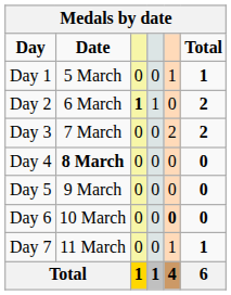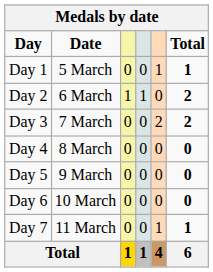 <table class=wikitable style="font-size:85%;float:right;clear:right;text-align:center;">
 <tr bgcolor=efefef>
 <th colspan=6>Medals by date</th>
 </tr>
 <tr>
 <td><strong>Day</strong></td>
 <td><strong>Date</strong></td>
 <td bgcolor=#f7f6a8></td>
 <td bgcolor=#dce5e5></td>
 <td bgcolor=#ffdab9></td>
 <td><strong>Total</strong></td>
 </tr>
 <tr>
 <td>Day 1</td>
 <td>5 March</td>
 <td bgcolor=F7F6A8>0</td>
 <td bgcolor=DCE5E5>0</td>
 <td bgcolor=FFDAB9>1</td>
 <td><strong>1</strong></td>
 </tr>
 <tr>
 <td>Day 2</td>
 <td>6 March</td>
-<td bgcolor=F7F6A8><strong>1</strong></td>
+<td bgcolor=F7F6A8>1</td>
 <td bgcolor=DCE5E5>1</td>
 <td bgcolor=FFDAB9>0</td>
 <td><strong>2</strong></td>
 </tr>
 <tr>
 <td>Day 3</td>
 <td>7 March</td>
 <td bgcolor=F7F6A8>0</td>
 <td bgcolor=DCE5E5>0</td>
 <td bgcolor=FFDAB9>2</td>
 <td><strong>2</strong></td>
 </tr>
 <tr>
 <td>Day 4</td>
-<td><strong>8 March</strong></td>
+<td>8 March</td>
 <td bgcolor=F7F6A8>0</td>
 <td bgcolor=DCE5E5>0</td>
 <td bgcolor=FFDAB9>0</td>
 <td><strong>0</strong></td>
 </tr>
 <tr>
 <td>Day 5</td>
 <td>9 March</td>
 <td bgcolor=F7F6A8>0</td>
 <td bgcolor=DCE5E5>0</td>
 <td bgcolor=FFDAB9>0</td>
 <td><strong>0</strong></td>
 </tr>
 <tr>
 <td>Day 6</td>
 <td>10 March</td>
 <td bgcolor=F7F6A8>0</td>
 <td bgcolor=DCE5E5>0</td>
-<td bgcolor=FFDAB9><strong>0</strong></td>
+<td bgcolor=FFDAB9>0</td>
 <td><strong>0</strong></td>
 </tr>
 <tr>
 <td>Day 7</td>
 <td>11 March</td>
 <td bgcolor=F7F6A8>0</td>
 <td bgcolor=DCE5E5>0</td>
 <td bgcolor=FFDAB9>1</td>
 <td><strong>1</strong></td>
 </tr>
 <tr>
 <th colspan=2>Total</th>
 <th style="background:gold">1</th>
 <th style="background:silver">1</th>
 <th style="background:#c96">4</th>
 <th>6</th>
 </tr>
 </table>
